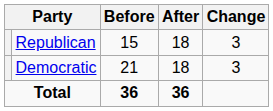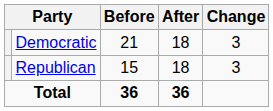 <table class="wikitable" style="text-align:center;">
 <tr>
 </tr>
 <tr>
 <th colspan=2>Party</th>
 <th>Before</th>
 <th>After</th>
 <th>Change</th>
 </tr>
 <tr>
 <th style="background-color:"></th>
-<td style="text-align:left;"><a href='#'>Republican</a></td>
-<td>15</td>
+<td style="text-align:left;"><a href='#'>Democratic</a></td>
+<td>21</td>
 <td>18</td>
 <td> 3</td>
 </tr>
 <tr>
 <th style="background-color:"></th>
-<td style="text-align:left;"><a href='#'>Democratic</a></td>
-<td>21</td>
+<td style="text-align:left;"><a href='#'>Republican</a></td>
+<td>15</td>
 <td>18</td>
 <td> 3</td>
 </tr>
 <tr>
 <td colspan=2><strong>Total</strong></td>
 <td><strong>36</strong></td>
 <td><strong>36</strong></td>
 <td></td>
 </tr>
 </table>
